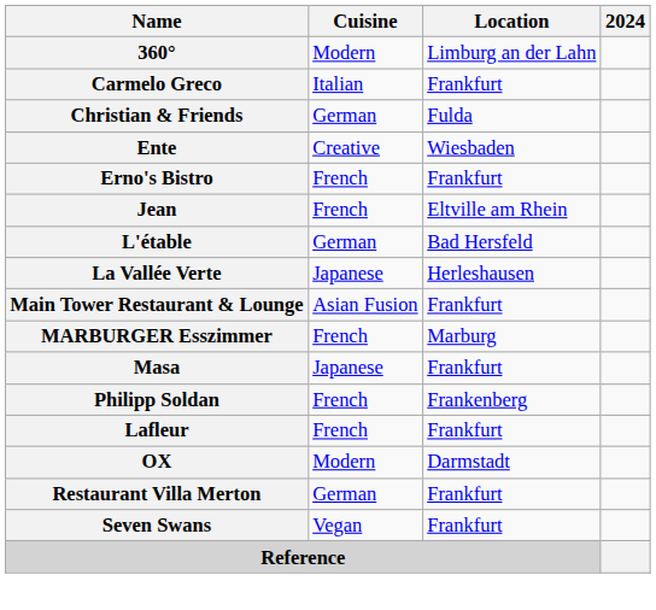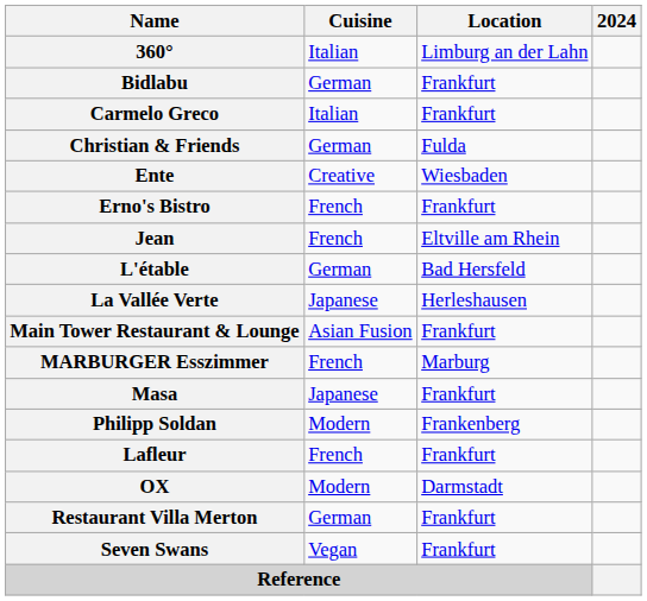 <table class="wikitable sortable plainrowheaders" style="text-align:left;"">
 <tr>
 <th scope="col">Name</th>
 <th scope="col">Cuisine</th>
 <th scope="col">Location</th>
 <th scope="col">2024</th>
 </tr>
 <tr>
 <th scope="row">360°</th>
-<td><a href='#'>Modern</a></td>
+<td><a href='#'>Italian</a></td>
 <td><a href='#'>Limburg an der Lahn</a></td>
+<td></td>
+</tr>
+<tr>
+<th scope="row">Bidlabu</th>
+<td><a href='#'>German</a></td>
+<td><a href='#'>Frankfurt</a></td>
 <td></td>
 </tr>
 <tr>
 <th scope="row">Carmelo Greco</th>
 <td><a href='#'>Italian</a></td>
 <td><a href='#'>Frankfurt</a></td>
 <td></td>
 </tr>
 <tr>
 <th scope="row">Christian & Friends</th>
 <td><a href='#'>German</a></td>
 <td><a href='#'>Fulda</a></td>
 <td></td>
 </tr>
 <tr>
 <th scope="row">Ente</th>
 <td><a href='#'>Creative</a></td>
 <td><a href='#'>Wiesbaden</a></td>
 <td></td>
 </tr>
 <tr>
 <th scope="row">Erno's Bistro</th>
 <td><a href='#'>French</a></td>
 <td><a href='#'>Frankfurt</a></td>
 <td></td>
 </tr>
 <tr>
 <th scope="row">Jean</th>
 <td><a href='#'>French</a></td>
 <td><a href='#'>Eltville am Rhein</a></td>
 <td></td>
 </tr>
 <tr>
 <th scope="row">L'étable</th>
 <td><a href='#'>German</a></td>
 <td><a href='#'>Bad Hersfeld</a></td>
 <td></td>
 </tr>
 <tr>
 <th scope="row">La Vallée Verte</th>
 <td><a href='#'>Japanese</a></td>
 <td><a href='#'>Herleshausen</a></td>
 <td></td>
 </tr>
 <tr>
 <th scope="row">Main Tower Restaurant & Lounge</th>
 <td><a href='#'>Asian Fusion</a></td>
 <td><a href='#'>Frankfurt</a></td>
 <td></td>
 </tr>
 <tr>
 <th scope="row">MARBURGER Esszimmer</th>
 <td><a href='#'>French</a></td>
 <td><a href='#'>Marburg</a></td>
 <td></td>
 </tr>
 <tr>
 <th scope="row">Masa</th>
 <td><a href='#'>Japanese</a></td>
 <td><a href='#'>Frankfurt</a></td>
 <td></td>
 </tr>
 <tr>
 <th scope="row">Philipp Soldan</th>
-<td><a href='#'>French</a></td>
+<td><a href='#'>Modern</a></td>
 <td><a href='#'>Frankenberg</a></td>
 <td></td>
 </tr>
 <tr>
 <th scope="row">Lafleur</th>
 <td><a href='#'>French</a></td>
 <td><a href='#'>Frankfurt</a></td>
 <td></td>
 </tr>
 <tr>
 <th scope="row">OX</th>
 <td><a href='#'>Modern</a></td>
 <td><a href='#'>Darmstadt</a></td>
 <td></td>
 </tr>
 <tr>
 <th scope="row">Restaurant Villa Merton</th>
 <td><a href='#'>German</a></td>
 <td><a href='#'>Frankfurt</a></td>
 <td></td>
 </tr>
 <tr>
 <th scope="row">Seven Swans</th>
 <td><a href='#'>Vegan</a></td>
 <td><a href='#'>Frankfurt</a></td>
 <td></td>
 </tr>
 <tr>
 <th colspan="3" style="text-align: center;background: lightgray;">Reference</th>
 <th></th>
 </tr>
 </table>
